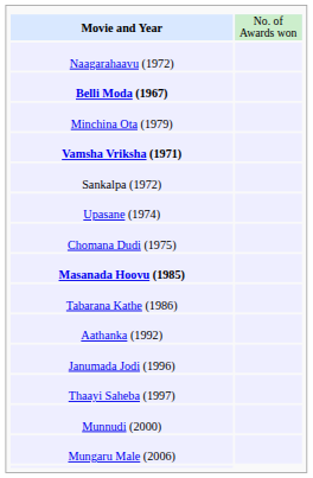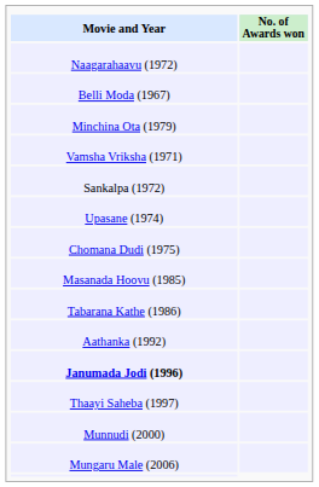 <table class="infobox" style="width: 25em; text-align: center; font-size: 70%; vertical-align: middle;">
 <tr>
 <td colspan="3" style="text-align:center;"></td>
 </tr>
 <tr style="background:#d9e8ff; text-align:center;">
 <th style="vertical-align: middle;">Movie and Year</th>
-<td style="background:#cec; font-size:8pt; width:60px;">No. of Awards won</td>
+<td style="background:#cec; font-size:8pt; width:60px;"><strong>No. of Awards won</strong></td>
 </tr>
 <tr style="background:#eef;">
 <td style="text-align:center;"><br><a href='#'>Naagarahaavu</a> (1972)</td>
 <td></td>
 </tr>
 <tr style="background:#eef;">
-<td style="text-align:center;"><strong><br><a href='#'>Belli Moda</a> (1967)</strong></td>
+<td style="text-align:center;"><br><a href='#'>Belli Moda</a> (1967)</td>
 <td></td>
 </tr>
 <tr style="background:#eef;">
 <td style="text-align:center;"><br><a href='#'>Minchina Ota</a> (1979)</td>
 <td></td>
 </tr>
 <tr style="background:#eef;">
-<td style="text-align:center;"><strong><br><a href='#'>Vamsha Vriksha</a> (1971)</strong></td>
+<td style="text-align:center;"><br><a href='#'>Vamsha Vriksha</a> (1971)</td>
 <td></td>
 </tr>
 <tr style="background:#eef;">
 <td style="text-align:center;"><br>Sankalpa (1972)</td>
 <td></td>
 </tr>
 <tr style="background:#eef;">
 <td style="text-align:center;"><br><a href='#'>Upasane</a> (1974)</td>
 <td></td>
 </tr>
 <tr style="background:#eef;">
 <td style="text-align:center;"><br><a href='#'>Chomana Dudi</a> (1975)</td>
 <td></td>
 </tr>
 <tr style="background:#eef;">
-<td style="text-align:center;"><strong><br><a href='#'>Masanada Hoovu</a> (1985)</strong></td>
+<td style="text-align:center;"><br><a href='#'>Masanada Hoovu</a> (1985)</td>
 <td></td>
 </tr>
 <tr style="background:#eef;">
 <td style="text-align:center;"><br><a href='#'>Tabarana Kathe</a> (1986)</td>
 <td></td>
 </tr>
 <tr style="background:#eef;">
 <td style="text-align:center;"><br><a href='#'>Aathanka</a> (1992)</td>
 <td></td>
 </tr>
 <tr style="background:#eef;">
-<td style="text-align:center;"><br><a href='#'>Janumada Jodi</a> (1996)</td>
+<td style="text-align:center;"><strong><br><a href='#'>Janumada Jodi</a> (1996)</strong></td>
 <td></td>
 </tr>
 <tr style="background:#eef;">
 <td style="text-align:center;"><br><a href='#'>Thaayi Saheba</a> (1997)</td>
 <td></td>
 </tr>
 <tr style="background:#eef;">
 <td style="text-align:center;"><br><a href='#'>Munnudi</a> (2000)</td>
 <td></td>
 </tr>
 <tr style="background:#eef;">
 <td style="text-align:center;"><br><a href='#'>Mungaru Male</a> (2006)</td>
 <td></td>
 </tr>
 <tr style="background:#eef;">
 <td style="text-align:center;"></td>
 </tr>
 </table>
